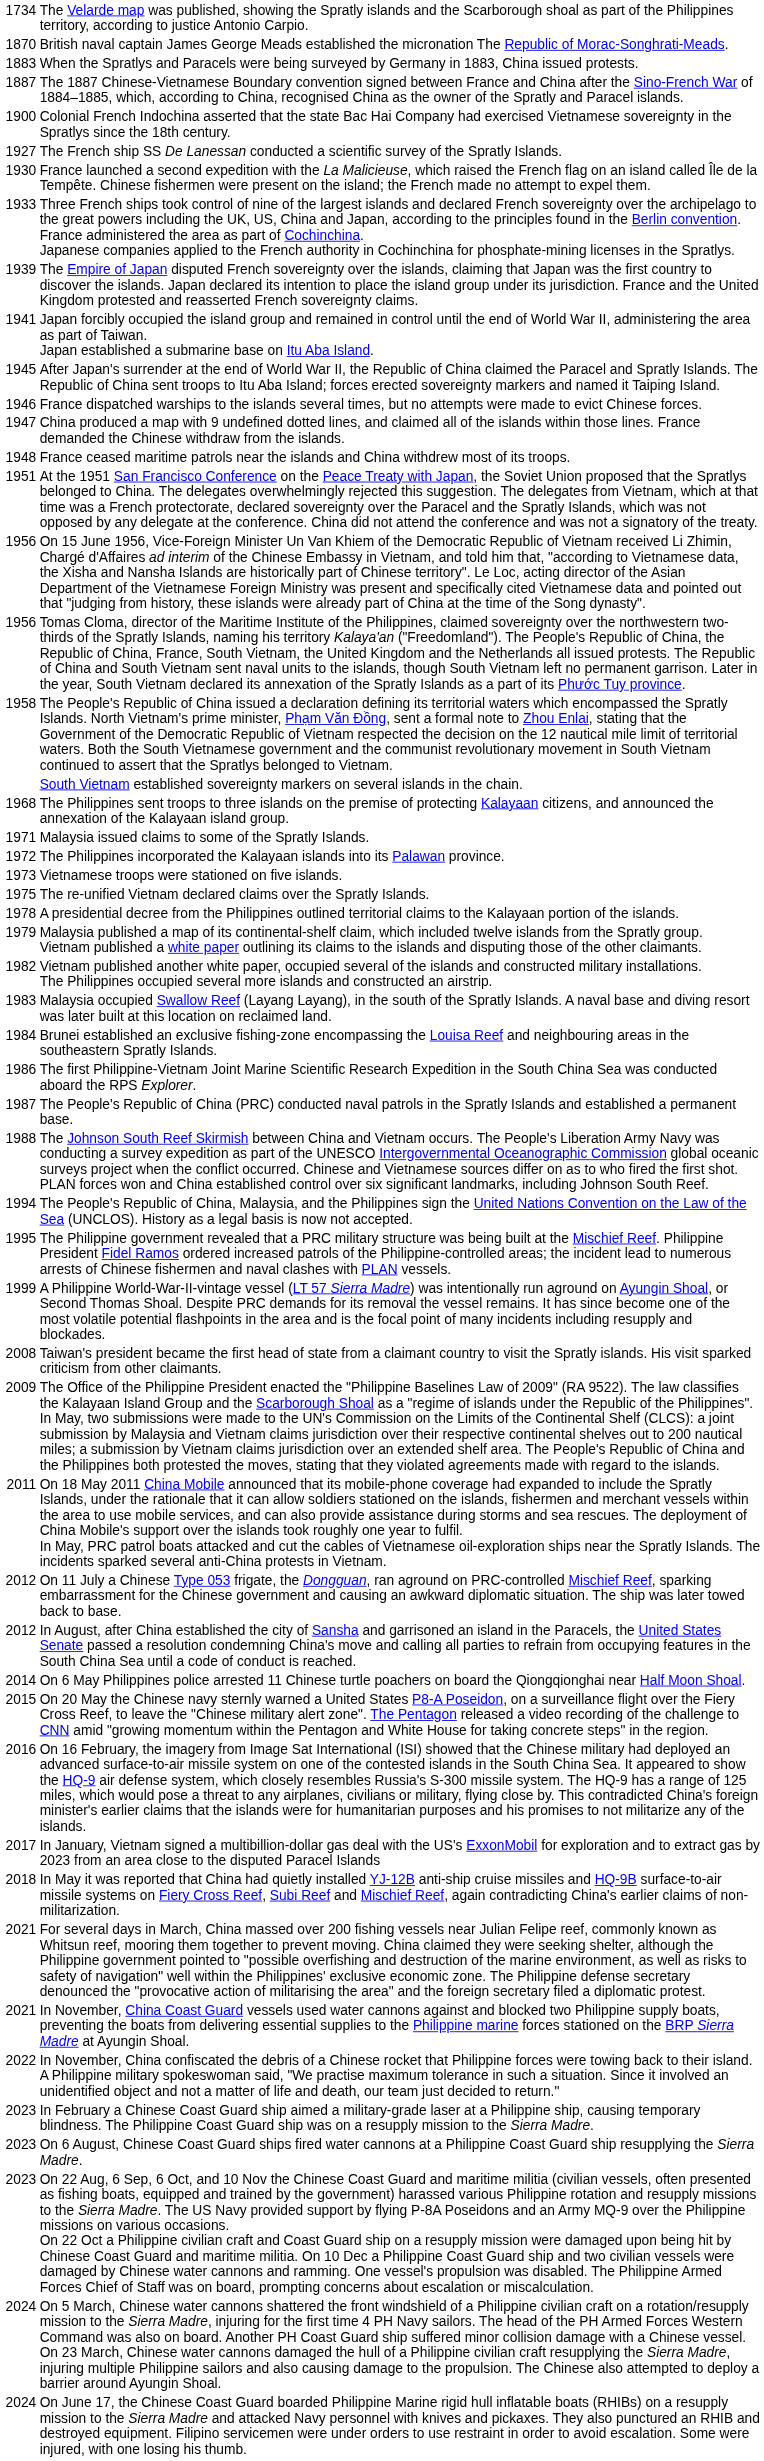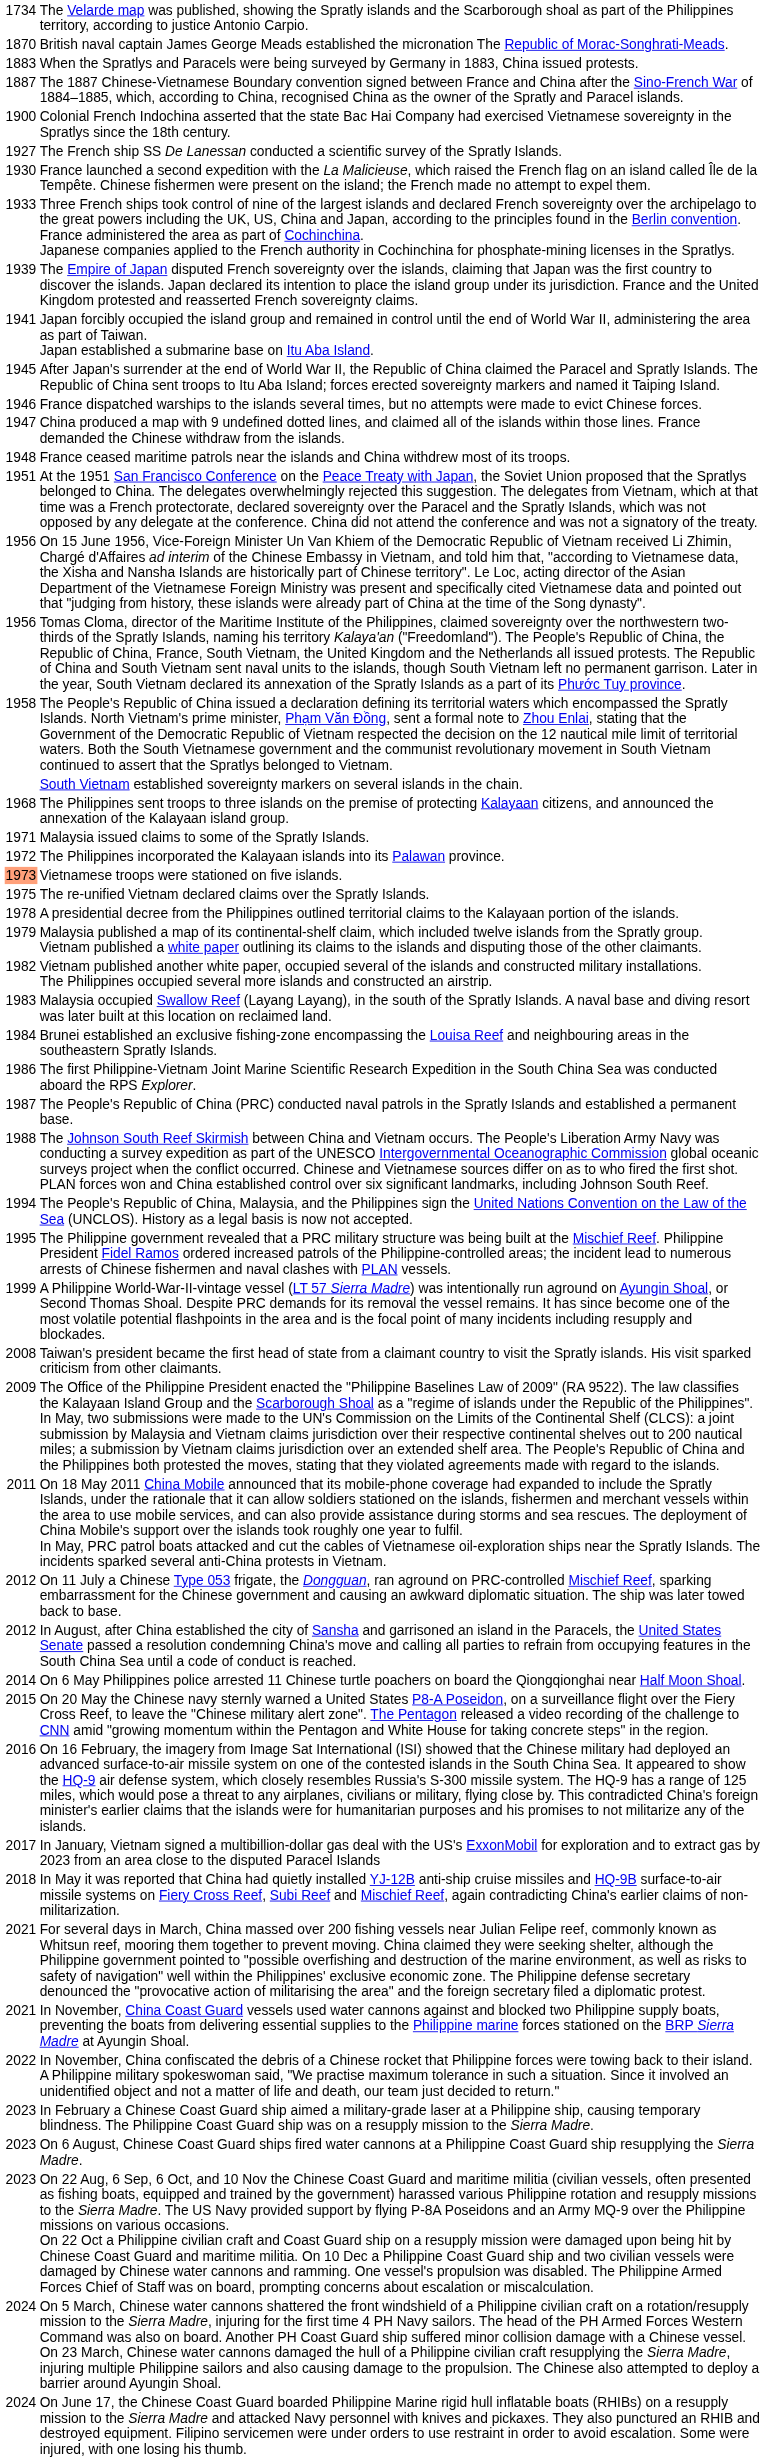 <table>
 <tr valign="top">
 <td align="right">1734</td>
 <td>The <a href='#'>Velarde map</a> was published, showing the Spratly islands and the Scarborough shoal as part of the Philippines territory, according to justice Antonio Carpio.<br></td>
 </tr>
 <tr valign="top">
 <td align="right">1870</td>
 <td>British naval captain James George Meads established the micronation The <a href='#'>Republic of Morac-Songhrati-Meads</a>.</td>
 </tr>
 <tr valign="top">
 <td align="right">1883</td>
 <td>When the Spratlys and Paracels were being surveyed by Germany in 1883, China issued protests.</td>
 </tr>
 <tr valign="top">
 <td align="right">1887</td>
 <td>The 1887 Chinese-Vietnamese Boundary convention signed between France and China after the <a href='#'>Sino-French War</a> of 1884–1885, which, according to China, recognised China as the owner of the Spratly and Paracel islands.</td>
 </tr>
 <tr valign="top">
 <td align="right">1900</td>
 <td>Colonial French Indochina asserted that the state Bac Hai Company had exercised Vietnamese sovereignty in the Spratlys since the 18th century.</td>
 </tr>
 <tr valign="top">
 <td align="right">1927</td>
 <td>The French ship SS <em>De Lanessan</em> conducted a scientific survey of the Spratly Islands.</td>
 </tr>
 <tr valign="top">
 <td align="right">1930</td>
 <td>France launched a second expedition with the <em>La Malicieuse</em>, which raised the French flag on an island called Île de la Tempête. Chinese fishermen were present on the island; the French made no attempt to expel them.</td>
 </tr>
 <tr valign="top">
 <td align="right">1933</td>
 <td>Three French ships took control of nine of the largest islands and declared French sovereignty over the archipelago to the great powers including the UK, US, China and Japan, according to the principles found in the <a href='#'>Berlin convention</a>. France administered the area as part of <a href='#'>Cochinchina</a>.<br>Japanese companies applied to the French authority in Cochinchina for phosphate-mining licenses in the Spratlys.</td>
 </tr>
 <tr valign="top">
 <td align="right">1939</td>
 <td>The <a href='#'>Empire of Japan</a> disputed French sovereignty over the islands, claiming that Japan was the first country to discover the islands.  Japan declared its intention to place the island group under its jurisdiction. France and the United Kingdom protested and reasserted French sovereignty claims.</td>
 </tr>
 <tr valign="top">
 <td align="right">1941</td>
 <td>Japan forcibly occupied the island group and remained in control until the end of World War II, administering the area as part of Taiwan.<br>Japan established a submarine base on <a href='#'>Itu Aba Island</a>.</td>
 </tr>
 <tr valign="top">
 <td align="right">1945</td>
 <td>After Japan's surrender at the end of World War II, the Republic of China claimed the Paracel and Spratly Islands. The Republic of China sent troops to Itu Aba Island; forces erected sovereignty markers and named it Taiping Island.</td>
 </tr>
 <tr valign="top">
 <td align="right">1946</td>
 <td>France dispatched warships to the islands several times, but no attempts were made to evict Chinese forces.</td>
 </tr>
 <tr valign="top">
 <td align="right">1947</td>
 <td>China produced a map with 9 undefined dotted lines, and claimed all of the islands within those lines. France demanded the Chinese withdraw from the islands.</td>
 </tr>
 <tr valign="top">
 <td align="right">1948</td>
 <td>France ceased maritime patrols near the islands and China withdrew most of its troops.</td>
 </tr>
 <tr valign="top">
 <td align="right">1951</td>
 <td>At the 1951 <a href='#'>San Francisco Conference</a> on the <a href='#'>Peace Treaty with Japan</a>, the Soviet Union proposed that the Spratlys belonged to China. The delegates overwhelmingly rejected this suggestion. The delegates from Vietnam, which at that time was a French protectorate, declared sovereignty over the Paracel and the Spratly Islands, which was not opposed by any delegate at the conference. China did not attend the conference and was not a signatory of the treaty.</td>
 </tr>
 <tr valign="top">
 <td align="right">1956</td>
 <td>On 15 June 1956, Vice-Foreign Minister Un Van Khiem of the Democratic Republic of Vietnam received Li Zhimin, Chargé d'Affaires <em>ad interim</em> of the Chinese Embassy in Vietnam, and told him that, "according to Vietnamese data, the Xisha and Nansha Islands are historically part of Chinese territory". Le Loc, acting director of the Asian Department of the Vietnamese Foreign Ministry was present and specifically cited Vietnamese data and pointed out that "judging from history, these islands were already part of China at the time of the Song dynasty".</td>
 </tr>
 <tr valign="top">
 <td align="right">1956</td>
 <td>Tomas Cloma, director of the Maritime Institute of the Philippines, claimed sovereignty over the northwestern two-thirds of the Spratly Islands, naming his territory <em>Kalaya'an</em> ("Freedomland"). The People's Republic of China, the Republic of China, France, South Vietnam, the United Kingdom and the Netherlands all issued protests. The Republic of China and South Vietnam sent naval units to the islands, though South Vietnam left no permanent garrison. Later in the year, South Vietnam declared its annexation of the Spratly Islands as a part of its <a href='#'>Phước Tuy province</a>.</td>
 </tr>
 <tr valign="top">
 <td align="right">1958</td>
 <td>The People's Republic of China issued a declaration defining its territorial waters which encompassed the Spratly Islands. North Vietnam's prime minister, <a href='#'>Phạm Văn Đồng</a>, sent a formal note to <a href='#'>Zhou Enlai</a>, stating that the Government of the Democratic Republic of Vietnam respected the decision on the 12 nautical mile limit of territorial waters. Both the South Vietnamese government and the communist revolutionary movement in South Vietnam continued to assert that the Spratlys belonged to Vietnam.</td>
 </tr>
 <tr valign="top">
 <td align="right"></td>
 <td><a href='#'>South Vietnam</a> established sovereignty markers on several islands in the chain.</td>
 </tr>
 <tr valign="top">
 <td align="right">1968</td>
 <td>The Philippines sent troops to three islands on the premise of protecting <a href='#'>Kalayaan</a> citizens, and announced the annexation of the Kalayaan island group.</td>
 </tr>
 <tr valign="top">
 <td align="right">1971</td>
 <td>Malaysia issued claims to some of the Spratly Islands.</td>
 </tr>
 <tr valign="top">
 <td align="right">1972</td>
 <td>The Philippines incorporated the Kalayaan islands into its <a href='#'>Palawan</a> province.</td>
 </tr>
 <tr valign="top">
-<td align="right">1973</td>
+<td align="right" style="background: lightsalmon;">1973</td>
 <td>Vietnamese troops were stationed on five islands.</td>
 </tr>
 <tr valign="top">
 <td align="right">1975</td>
 <td>The re-unified Vietnam declared claims over the Spratly Islands.</td>
 </tr>
 <tr valign="top">
 <td align="right">1978</td>
 <td>A presidential decree from the Philippines outlined territorial claims to the Kalayaan portion of the islands.</td>
 </tr>
 <tr valign="top">
 <td align="right">1979</td>
 <td>Malaysia published a map of its continental-shelf claim, which included twelve islands from the Spratly group.<br>Vietnam published a <a href='#'>white paper</a> outlining its claims to the islands and disputing those of the other claimants.</td>
 </tr>
 <tr valign="top">
 <td align="right">1982</td>
 <td>Vietnam published another white paper, occupied several of the islands and constructed military installations.<br>The Philippines occupied several more islands and constructed an airstrip.</td>
 </tr>
 <tr valign="top">
 <td align="right">1983</td>
 <td>Malaysia occupied <a href='#'>Swallow Reef</a> (Layang Layang), in the south of the Spratly Islands. A naval base and diving resort was later built at this location on reclaimed land.</td>
 </tr>
 <tr valign="top">
 <td align="right">1984</td>
 <td>Brunei established an exclusive fishing-zone encompassing the <a href='#'>Louisa Reef</a> and neighbouring areas in the southeastern Spratly Islands.</td>
 </tr>
 <tr valign="top">
 <td align="right">1986</td>
 <td>The first Philippine-Vietnam Joint Marine Scientific Research Expedition in the South China Sea was conducted aboard the RPS <em>Explorer</em>.</td>
 </tr>
 <tr valign="top">
 <td align="right">1987</td>
 <td>The People's Republic of China (PRC) conducted naval patrols in the Spratly Islands and established a permanent base.</td>
 </tr>
 <tr valign="top">
 <td align="right">1988</td>
 <td>The <a href='#'>Johnson South Reef Skirmish</a> between China and Vietnam occurs. The People's Liberation Army Navy was conducting a survey expedition as part of the UNESCO <a href='#'>Intergovernmental Oceanographic Commission</a> global oceanic surveys project when the conflict occurred. Chinese and Vietnamese sources differ on as to who fired the first shot. PLAN forces won and China established control over six significant landmarks, including Johnson South Reef.</td>
 </tr>
 <tr valign="top">
 <td align="right">1994</td>
 <td>The People's Republic of China, Malaysia, and the Philippines sign the <a href='#'>United Nations Convention on the Law of the Sea</a> (UNCLOS). History as a legal basis is now not accepted.</td>
 </tr>
 <tr valign="top">
 <td align="right">1995</td>
 <td>The Philippine government revealed that a PRC military structure was being built at the <a href='#'>Mischief Reef</a>. Philippine President <a href='#'>Fidel Ramos</a> ordered increased patrols of the Philippine-controlled areas; the incident lead to numerous arrests of Chinese fishermen and naval clashes with <a href='#'>PLAN</a> vessels.</td>
 </tr>
 <tr valign="top">
 <td align="right">1999</td>
 <td>A Philippine World-War-II-vintage vessel (<a href='#'>LT 57 <em>Sierra Madre</em></a>) was intentionally run aground on <a href='#'>Ayungin Shoal</a>, or Second Thomas Shoal.  Despite PRC demands for its removal the vessel remains.  It has since become one of the most volatile potential flashpoints in the area and is the focal point of many incidents including resupply and blockades.</td>
 </tr>
 <tr valign="top">
 <td align="right">2008</td>
 <td>Taiwan's president became the first head of state from a claimant country to visit the Spratly islands. His visit sparked criticism from other claimants.</td>
 </tr>
 <tr valign="top">
 <td align="right">2009</td>
 <td>The Office of the Philippine President enacted the "Philippine Baselines Law of 2009" (RA 9522). The law classifies the Kalayaan Island Group and the <a href='#'>Scarborough Shoal</a> as a "regime of islands under the Republic of the Philippines".<br>In May, two submissions were made to the UN's Commission on the Limits of the Continental Shelf (CLCS): a joint submission by Malaysia and Vietnam claims jurisdiction over their respective continental shelves out to 200 nautical miles; a submission by Vietnam claims jurisdiction over an extended shelf area. The People's Republic of China and the Philippines both protested the moves, stating that they violated agreements made with regard to the islands.</td>
 </tr>
 <tr valign="top">
 <td align="right">2011</td>
 <td>On 18 May 2011 <a href='#'>China Mobile</a> announced that its mobile-phone coverage had expanded to include the Spratly Islands, under the rationale that it can allow soldiers stationed on the islands, fishermen and merchant vessels within the area to use mobile services, and can also provide assistance during storms and sea rescues. The deployment of China Mobile's support over the islands took roughly one year to fulfil.<br>In May, PRC patrol boats attacked and cut the cables of Vietnamese oil-exploration ships near the Spratly Islands. The incidents sparked several anti-China protests in Vietnam.</td>
 </tr>
 <tr valign="top">
 <td align="right">2012</td>
 <td>On 11 July a Chinese <a href='#'>Type 053</a> frigate, the <a href='#'><em>Dongguan</em></a>, ran aground on PRC-controlled <a href='#'>Mischief Reef</a>, sparking embarrassment for the Chinese government and causing an awkward diplomatic situation. The ship was later towed back to base.</td>
 </tr>
 <tr valign="top">
 <td align="right">2012</td>
 <td>In August, after China established the city of <a href='#'>Sansha</a> and garrisoned an island in the Paracels, the <a href='#'>United States Senate</a> passed a resolution condemning China's move and calling all parties to refrain from occupying features in the South China Sea until a code of conduct is reached.</td>
 </tr>
 <tr valign="top">
 <td align="right">2014</td>
 <td>On 6 May Philippines police arrested 11 Chinese turtle poachers on board the Qiongqionghai near <a href='#'>Half Moon Shoal</a>.</td>
 </tr>
 <tr valign="top">
 <td align="right">2015</td>
 <td>On 20 May the Chinese navy sternly warned a United States <a href='#'>P8-A Poseidon</a>, on a surveillance flight over the Fiery Cross Reef, to leave the "Chinese military alert zone". <a href='#'>The Pentagon</a> released a video recording of the challenge to <a href='#'>CNN</a> amid "growing momentum within the Pentagon and White House for taking concrete steps" in the region.</td>
 </tr>
 <tr valign="top">
 <td align="right">2016</td>
 <td>On 16 February, the imagery from Image Sat International (ISI) showed that the Chinese military had deployed an advanced surface-to-air missile system on one of the contested islands in the South China Sea. It appeared to show the <a href='#'>HQ-9</a> air defense system, which closely resembles Russia's S-300 missile system. The HQ-9 has a range of 125 miles, which would pose a threat to any airplanes, civilians or military, flying close by.  This contradicted China's foreign minister's earlier claims that the islands were for humanitarian purposes and his promises to not militarize any of the islands.</td>
 </tr>
 <tr valign="top">
 <td align="right">2017</td>
 <td>In January, Vietnam signed a multibillion-dollar gas deal with the US's <a href='#'>ExxonMobil</a> for exploration and to extract gas by 2023 from an area close to the disputed Paracel Islands</td>
 </tr>
 <tr valign="top">
 <td align="right">2018</td>
 <td>In May it was reported that China had quietly installed <a href='#'>YJ-12B</a> anti-ship cruise missiles and <a href='#'>HQ-9B</a> surface-to-air missile systems on <a href='#'>Fiery Cross Reef</a>, <a href='#'>Subi Reef</a> and <a href='#'>Mischief Reef</a>, again contradicting China's earlier claims of non-militarization.</td>
 </tr>
 <tr valign="top">
 <td align="right">2021</td>
 <td>For several days in March, China massed over 200 fishing vessels near Julian Felipe reef, commonly known as Whitsun reef, mooring them together to prevent moving.  China claimed they were seeking shelter, although the Philippine government pointed to "possible overfishing and destruction of the marine environment, as well as risks to safety of navigation" well within the Philippines' exclusive economic zone. The Philippine defense secretary denounced the "provocative action of militarising the area" and the foreign secretary filed a diplomatic protest.</td>
 </tr>
 <tr valign="top">
 <td align="right">2021</td>
 <td>In November, <a href='#'>China Coast Guard</a> vessels used water cannons against and blocked two Philippine supply boats, preventing the boats from delivering essential supplies to the <a href='#'>Philippine marine</a> forces stationed on the <a href='#'>BRP <em>Sierra Madre</em></a> at Ayungin Shoal.</td>
 </tr>
 <tr valign="top">
 <td align="right">2022</td>
 <td>In November, China confiscated the debris of a Chinese rocket that Philippine forces were towing back to their island.  A Philippine military spokeswoman said, "We practise maximum tolerance in such a situation.  Since it involved an unidentified object and not a matter of life and death, our team just decided to return."</td>
 </tr>
 <tr valign="top">
 <td align="right">2023</td>
 <td>In February a Chinese Coast Guard ship aimed a military-grade laser at a Philippine ship, causing temporary blindness.  The Philippine Coast Guard ship was on a resupply mission to the <em>Sierra Madre</em>.</td>
 </tr>
 <tr valign="top">
 <td align="right">2023</td>
 <td>On 6 August, Chinese Coast Guard ships fired water cannons at a Philippine Coast Guard ship resupplying the <em>Sierra Madre</em>.</td>
 </tr>
 <tr valign="top">
 <td align="right">2023</td>
 <td>On 22 Aug, 6 Sep, 6 Oct, and 10 Nov the Chinese Coast Guard and maritime militia (civilian vessels, often presented as fishing boats, equipped and trained by the government) harassed various Philippine rotation and resupply missions to the <em>Sierra Madre</em>.  The US Navy provided support by flying P-8A Poseidons and an Army MQ-9 over the Philippine missions on various occasions.<br>On 22 Oct a Philippine civilian craft and Coast Guard ship on a resupply mission were damaged upon being hit by Chinese Coast Guard and maritime militia. On 10 Dec a Philippine Coast Guard ship and two civilian vessels were damaged by Chinese water cannons and ramming.  One vessel's propulsion was disabled.  The Philippine Armed Forces Chief of Staff was on board, prompting concerns about escalation or miscalculation.</td>
 </tr>
 <tr valign="top">
 <td align="right">2024</td>
 <td>On 5 March, Chinese water cannons shattered the front windshield of a Philippine civilian craft on a rotation/resupply mission to the <em>Sierra Madre</em>, injuring for the first time 4 PH Navy sailors.  The head of the PH Armed Forces Western Command was also on board.  Another PH Coast Guard ship suffered minor collision damage with a Chinese vessel.<br>On 23 March, Chinese water cannons damaged the hull of a Philippine civilian craft resupplying the <em>Sierra Madre</em>, injuring multiple Philippine sailors and also causing damage to the propulsion.  The Chinese also attempted to deploy a barrier around Ayungin Shoal.</td>
 </tr>
 <tr valign="top">
 <td align="right">2024</td>
 <td>On June 17, the Chinese Coast Guard boarded Philippine Marine rigid hull inflatable boats (RHIBs) on a resupply mission to the <em>Sierra Madre</em> and attacked Navy personnel with knives and pickaxes. They also punctured an RHIB and destroyed equipment. Filipino servicemen were under orders to use restraint in order to avoid escalation.  Some were injured, with one losing his thumb.</td>
 </tr>
 </table>
